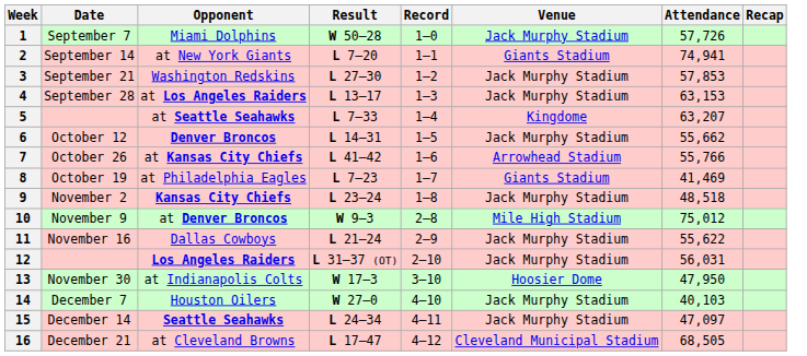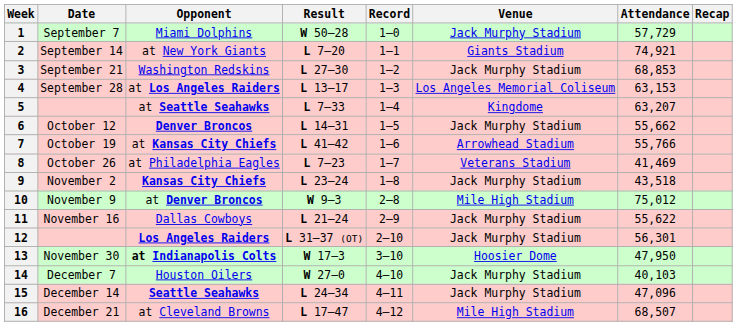 <table class="wikitable" style="text-align:center">
 <tr>
 <th>Week</th>
 <th>Date</th>
 <th>Opponent</th>
 <th>Result</th>
 <th>Record</th>
 <th>Venue</th>
 <th>Attendance</th>
 <th>Recap</th>
 </tr>
 <tr style="background:#cfc">
 <th>1</th>
 <td>September 7</td>
 <td><a href='#'>Miami Dolphins</a></td>
 <td><strong>W</strong> 50–28</td>
 <td>1–0</td>
 <td><a href='#'>Jack Murphy Stadium</a></td>
-<td>57,726</td>
+<td>57,729</td>
 <td></td>
 </tr>
 <tr style="background:#fcc">
 <th>2</th>
 <td>September 14</td>
 <td>at <a href='#'>New York Giants</a></td>
 <td><strong>L</strong> 7–20</td>
 <td>1–1</td>
 <td><a href='#'>Giants Stadium</a></td>
-<td>74,941</td>
+<td>74,921</td>
 <td></td>
 </tr>
 <tr style="background:#fcc">
 <th>3</th>
 <td>September 21</td>
 <td><a href='#'>Washington Redskins</a></td>
 <td><strong>L</strong> 27–30</td>
 <td>1–2</td>
 <td>Jack Murphy Stadium</td>
-<td>57,853</td>
+<td>68,853</td>
 <td></td>
 </tr>
 <tr style="background:#fcc">
 <th>4</th>
 <td>September 28</td>
 <td>at <strong><a href='#'>Los Angeles Raiders</a></strong></td>
 <td><strong>L</strong> 13–17</td>
 <td>1–3</td>
-<td>Jack Murphy Stadium</td>
+<td><a href='#'>Los Angeles Memorial Coliseum</a></td>
 <td>63,153</td>
 <td></td>
 </tr>
 <tr style="background:#fcc">
 <th>5</th>
 <td></td>
 <td>at <strong><a href='#'>Seattle Seahawks</a></strong></td>
 <td><strong>L</strong> 7–33</td>
 <td>1–4</td>
 <td><a href='#'>Kingdome</a></td>
 <td>63,207</td>
 <td></td>
 </tr>
 <tr style="background:#fcc">
 <th>6</th>
 <td>October 12</td>
 <td><strong><a href='#'>Denver Broncos</a></strong></td>
 <td><strong>L</strong> 14–31</td>
 <td>1–5</td>
 <td>Jack Murphy Stadium</td>
 <td>55,662</td>
 <td></td>
 </tr>
 <tr style="background:#fcc">
 <th>7</th>
-<td>October 26</td>
+<td>October 19</td>
 <td>at <strong><a href='#'>Kansas City Chiefs</a></strong></td>
 <td><strong>L</strong> 41–42</td>
 <td>1–6</td>
 <td><a href='#'>Arrowhead Stadium</a></td>
 <td>55,766</td>
 <td></td>
 </tr>
 <tr style="background:#fcc">
 <th>8</th>
-<td>October 19</td>
+<td>October 26</td>
 <td>at <a href='#'>Philadelphia Eagles</a></td>
 <td><strong>L</strong> 7–23</td>
 <td>1–7</td>
-<td><a href='#'>Giants Stadium</a></td>
+<td><a href='#'>Veterans Stadium</a></td>
 <td>41,469</td>
 <td></td>
 </tr>
 <tr style="background:#fcc">
 <th>9</th>
 <td>November 2</td>
 <td><strong><a href='#'>Kansas City Chiefs</a></strong></td>
 <td><strong>L</strong> 23–24</td>
 <td>1–8</td>
 <td>Jack Murphy Stadium</td>
-<td>48,518</td>
+<td>43,518</td>
 <td></td>
 </tr>
 <tr style="background:#cfc">
 <th>10</th>
 <td>November 9</td>
 <td>at <strong><a href='#'>Denver Broncos</a></strong></td>
 <td><strong>W</strong> 9–3</td>
 <td>2–8</td>
 <td><a href='#'>Mile High Stadium</a></td>
 <td>75,012</td>
 <td></td>
 </tr>
 <tr style="background:#fcc">
 <th>11</th>
 <td>November 16</td>
 <td><a href='#'>Dallas Cowboys</a></td>
 <td><strong>L</strong> 21–24</td>
 <td>2–9</td>
 <td>Jack Murphy Stadium</td>
 <td>55,622</td>
 <td></td>
 </tr>
 <tr style="background:#fcc">
 <th>12</th>
 <td></td>
 <td><strong><a href='#'>Los Angeles Raiders</a></strong></td>
 <td><strong>L</strong> 31–37 <small>(OT)</small></td>
 <td>2–10</td>
 <td>Jack Murphy Stadium</td>
-<td>56,031</td>
+<td>56,301</td>
 <td></td>
 </tr>
 <tr style="background:#cfc">
 <th>13</th>
 <td>November 30</td>
-<td>at <a href='#'>Indianapolis Colts</a></td>
+<td><strong>at <a href='#'>Indianapolis Colts</a></strong></td>
 <td><strong>W</strong> 17–3</td>
 <td>3–10</td>
 <td><a href='#'>Hoosier Dome</a></td>
 <td>47,950</td>
 <td></td>
 </tr>
 <tr style="background:#cfc">
 <th>14</th>
 <td>December 7</td>
 <td><a href='#'>Houston Oilers</a></td>
 <td><strong>W</strong> 27–0</td>
 <td>4–10</td>
 <td>Jack Murphy Stadium</td>
 <td>40,103</td>
 <td></td>
 </tr>
 <tr style="background:#fcc">
 <th>15</th>
 <td>December 14</td>
 <td><strong><a href='#'>Seattle Seahawks</a></strong></td>
 <td><strong>L</strong> 24–34</td>
 <td>4–11</td>
 <td>Jack Murphy Stadium</td>
-<td>47,097</td>
+<td>47,096</td>
 <td></td>
 </tr>
 <tr style="background:#fcc">
 <th>16</th>
 <td>December 21</td>
 <td>at <a href='#'>Cleveland Browns</a></td>
 <td><strong>L</strong> 17–47</td>
 <td>4–12</td>
-<td><a href='#'>Cleveland Municipal Stadium</a></td>
-<td>68,505</td>
+<td><a href='#'>Mile High Stadium</a></td>
+<td>68,507</td>
 <td></td>
 </tr>
 </table>
